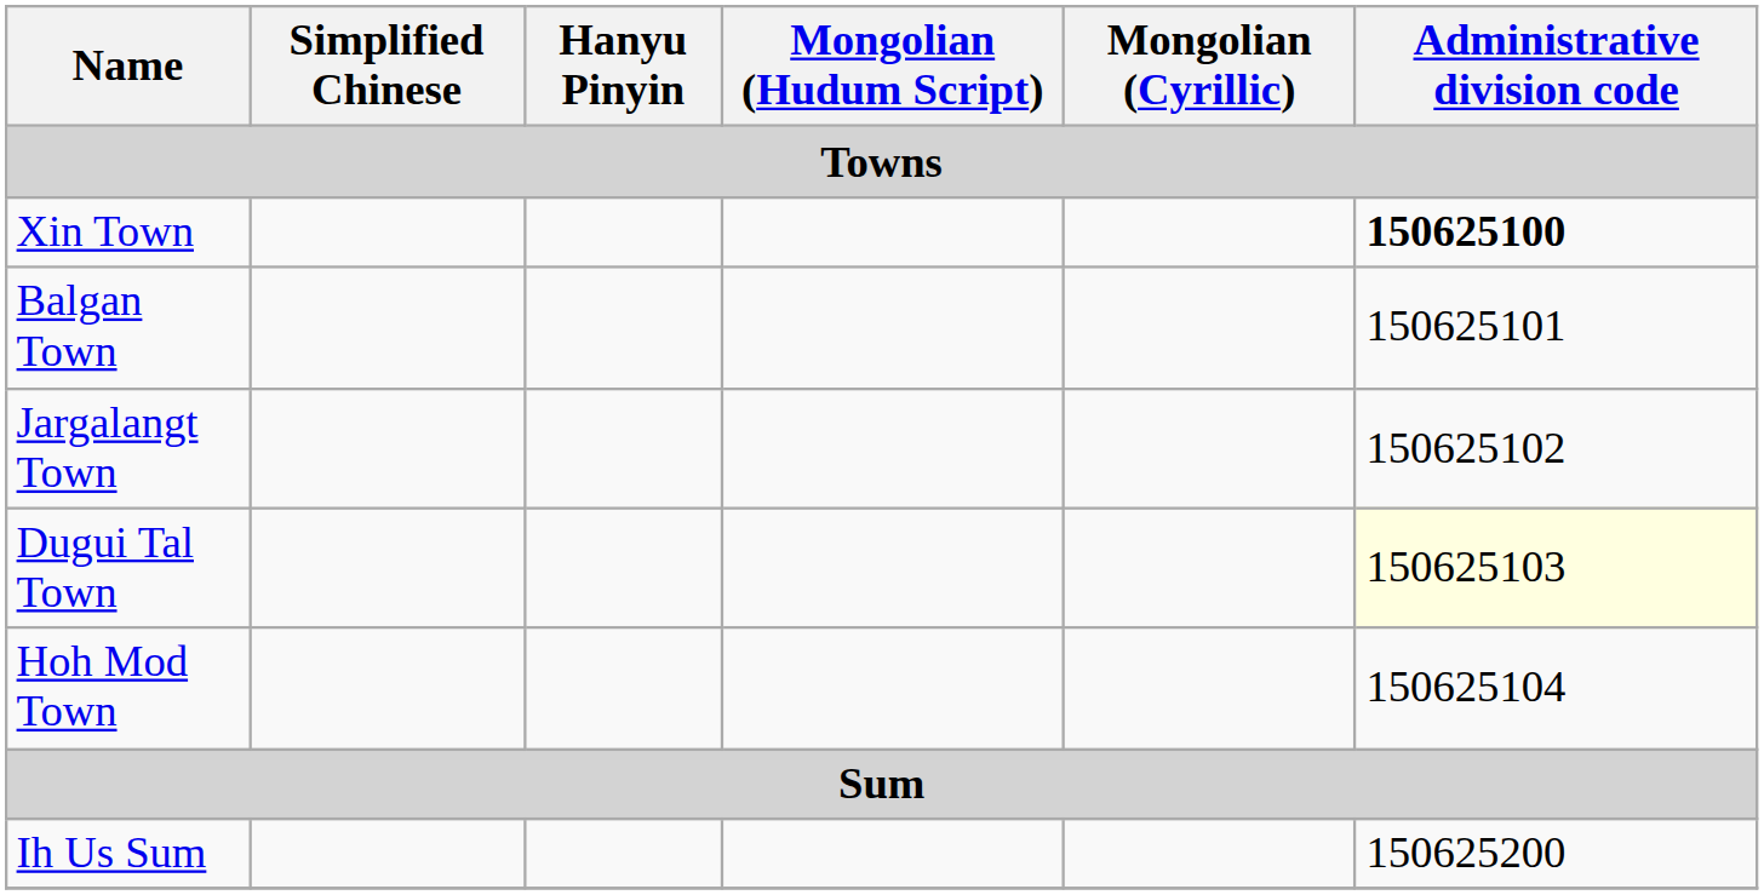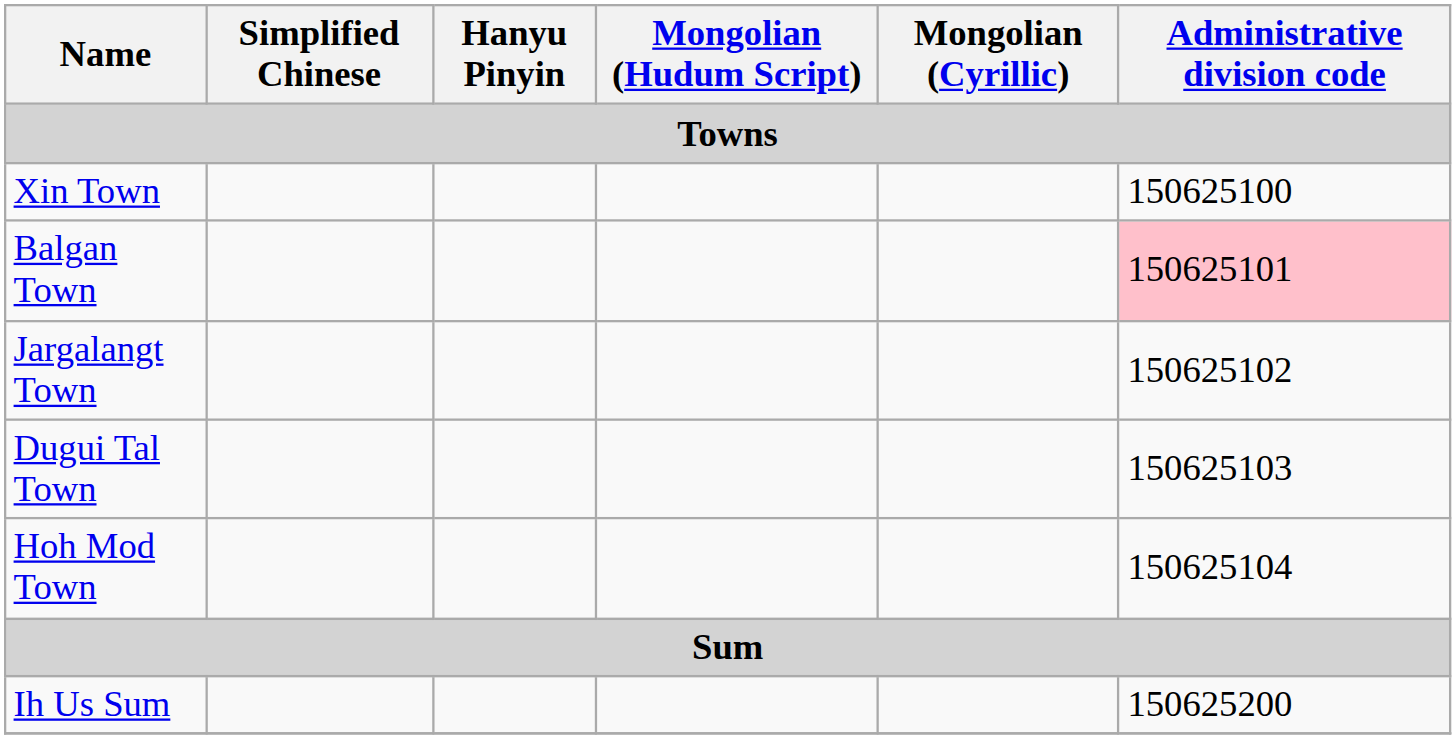 <table class="wikitable" align="center" style="width:50%; border="1">
 <tr>
 <th>Name</th>
 <th>Simplified Chinese</th>
 <th>Hanyu Pinyin</th>
 <th><a href='#'>Mongolian</a> (<a href='#'>Hudum Script</a>)</th>
 <th>Mongolian (<a href='#'>Cyrillic</a>)</th>
 <th><a href='#'>Administrative division code</a></th>
 </tr>
 <tr>
 <td colspan="6"  style="text-align:center; background:#d3d3d3;"><strong>Towns</strong></td>
 </tr>
 <tr --------->
 <td><a href='#'>Xin Town</a></td>
 <td></td>
 <td></td>
 <td></td>
 <td></td>
-<td><strong>150625100</strong></td>
+<td>150625100</td>
 </tr>
 <tr>
 <td><a href='#'>Balgan Town</a></td>
 <td></td>
 <td></td>
 <td></td>
 <td></td>
-<td>150625101</td>
+<td style="background: pink;">150625101</td>
 </tr>
 <tr>
 <td><a href='#'>Jargalangt Town</a></td>
 <td></td>
 <td></td>
 <td></td>
 <td></td>
 <td>150625102</td>
 </tr>
 <tr>
 <td><a href='#'>Dugui Tal Town</a></td>
 <td></td>
 <td></td>
 <td></td>
 <td></td>
-<td style="background: lightyellow;">150625103</td>
+<td>150625103</td>
 </tr>
 <tr>
 <td><a href='#'>Hoh Mod Town</a></td>
 <td></td>
 <td></td>
 <td></td>
 <td></td>
 <td>150625104</td>
 </tr>
 <tr>
 <td colspan="6"  style="text-align:center; background:#d3d3d3;"><strong>Sum</strong></td>
 </tr>
 <tr --------->
 <td><a href='#'>Ih Us Sum</a></td>
 <td></td>
 <td></td>
 <td></td>
 <td></td>
 <td>150625200</td>
 </tr>
 <tr>
 </tr>
 </table>
